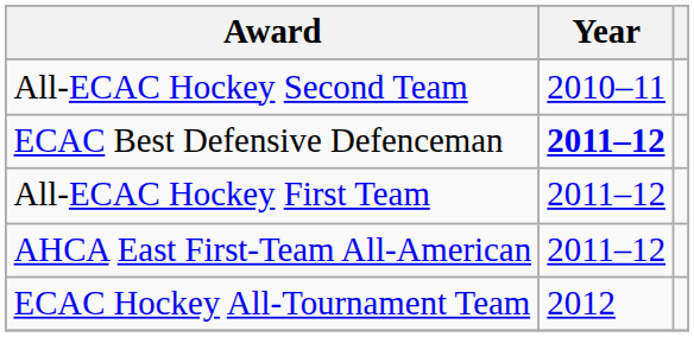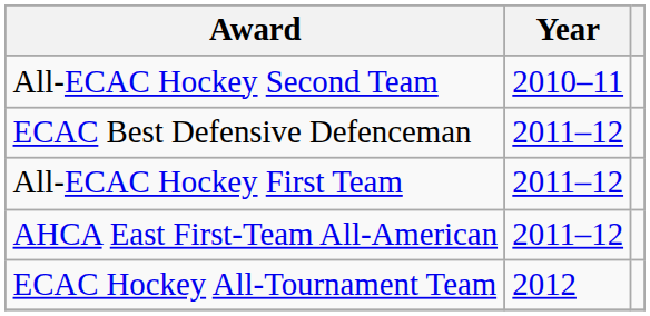 <table class="wikitable">
 <tr>
 <th>Award</th>
 <th>Year</th>
 <th></th>
 </tr>
 <tr>
 <td>All-<a href='#'>ECAC Hockey</a> <a href='#'>Second Team</a></td>
 <td><a href='#'>2010–11</a></td>
 <td></td>
 </tr>
 <tr>
 <td><a href='#'>ECAC</a> Best Defensive Defenceman</td>
-<td><strong><a href='#'>2011–12</a></strong></td>
+<td><a href='#'>2011–12</a></td>
 <td></td>
 </tr>
 <tr>
 <td>All-<a href='#'>ECAC Hockey</a> <a href='#'>First Team</a></td>
 <td><a href='#'>2011–12</a></td>
 <td></td>
 </tr>
 <tr>
 <td><a href='#'>AHCA</a> <a href='#'>East First-Team All-American</a></td>
 <td><a href='#'>2011–12</a></td>
 <td></td>
 </tr>
 <tr>
 <td><a href='#'>ECAC Hockey</a> <a href='#'>All-Tournament Team</a></td>
 <td><a href='#'>2012</a></td>
 <td></td>
 </tr>
 <tr>
 </tr>
 </table>
